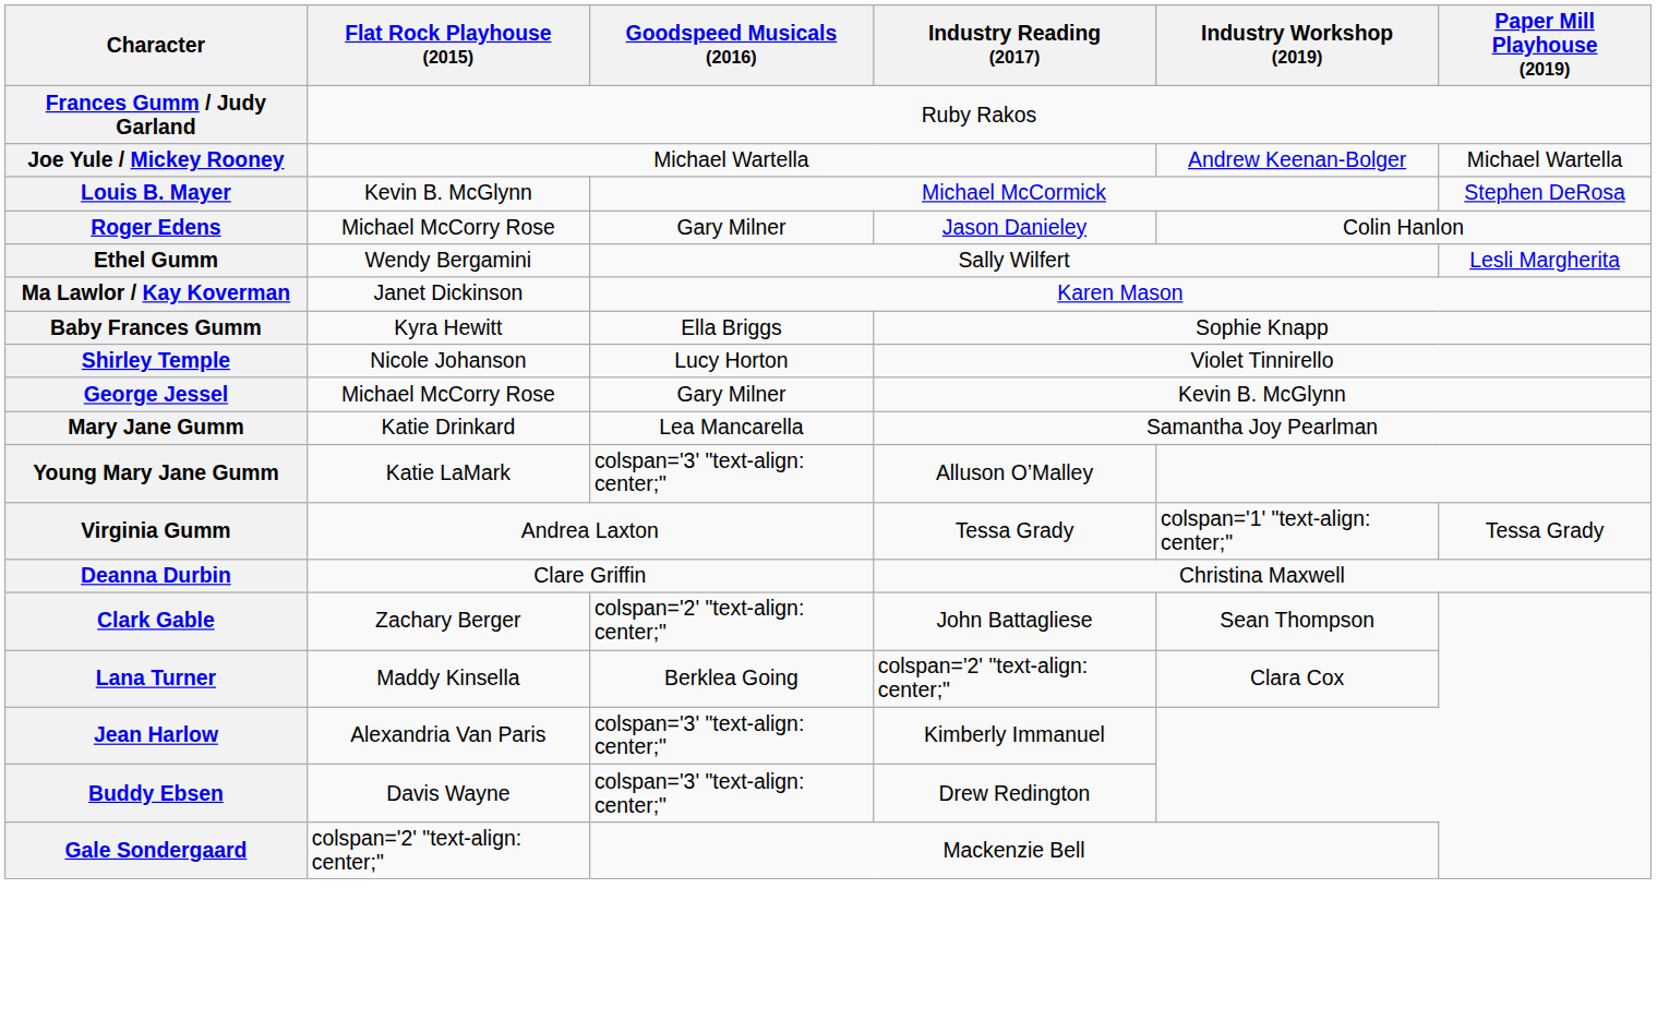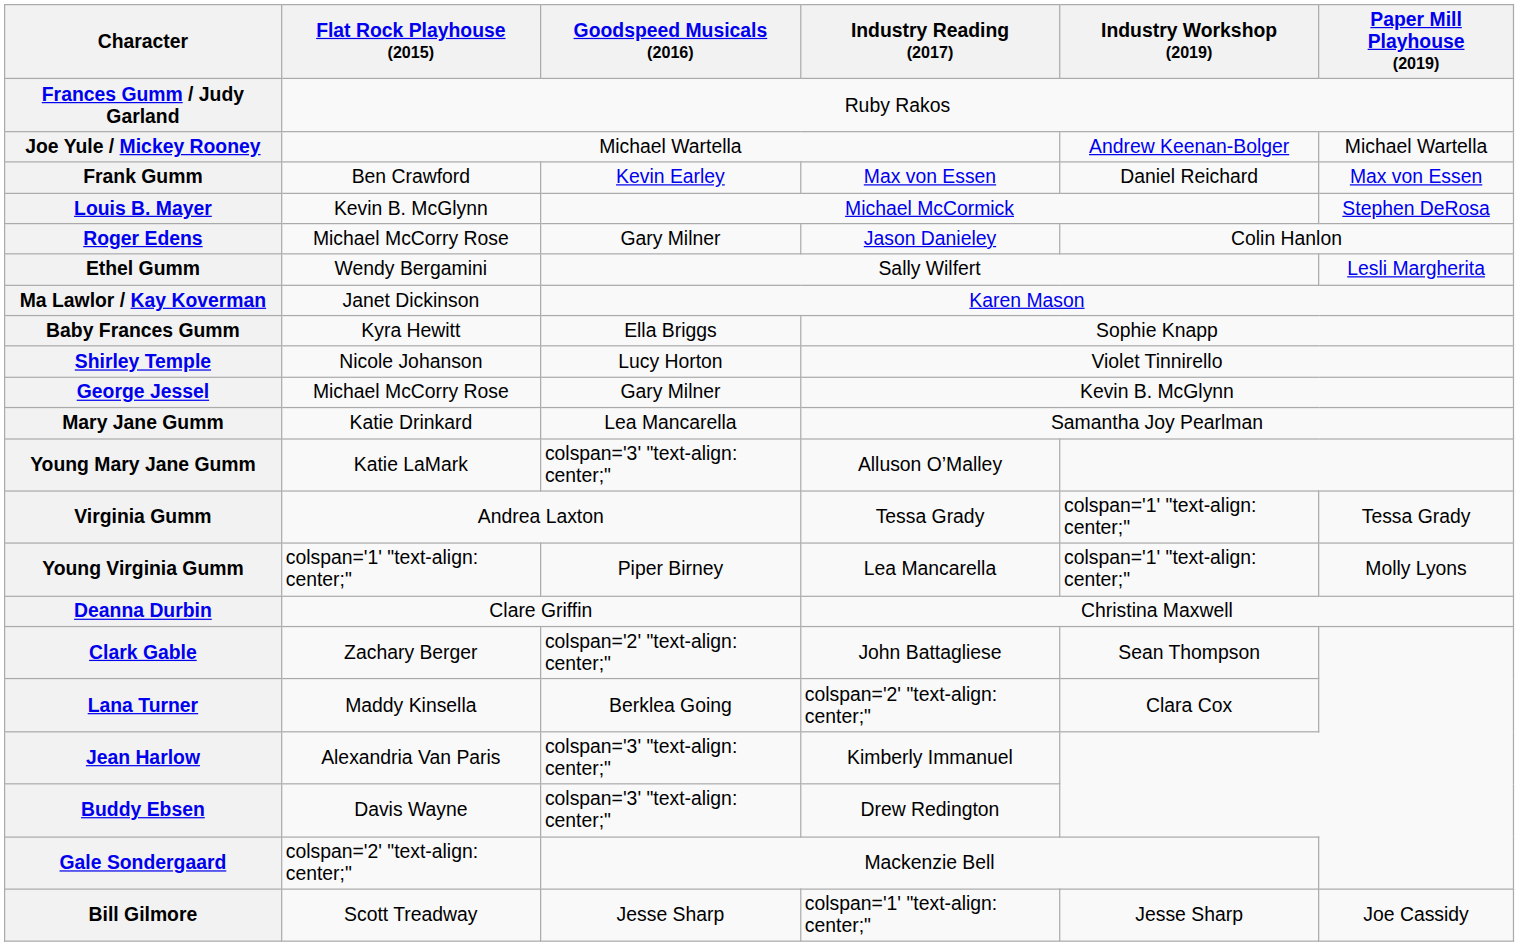 <table class="wikitable" style="width:1000;">
 <tr>
 <th>Character</th>
 <th><a href='#'>Flat Rock Playhouse</a><br><small>(2015)</small></th>
 <th><a href='#'>Goodspeed Musicals</a><br><small>(2016)</small></th>
 <th>Industry Reading<br><small>(2017)</small></th>
 <th>Industry Workshop<br><small>(2019)</small></th>
 <th><a href='#'>Paper Mill Playhouse</a><br><small>(2019)</small></th>
 </tr>
 <tr>
 <th><a href='#'>Frances Gumm</a> / Judy Garland</th>
 <td colspan=5 align=center>Ruby Rakos</td>
 </tr>
 <tr>
 <th>Joe Yule / <a href='#'>Mickey Rooney</a></th>
 <td colspan=3 align=center>Michael Wartella</td>
 <td colspan=1 align=center><a href='#'>Andrew Keenan-Bolger</a></td>
 <td colspan=1 align=center>Michael Wartella</td>
+</tr>
+<tr>
+<th>Frank Gumm</th>
+<td colspan=1 align=center>Ben Crawford</td>
+<td colspan=1 align=center><a href='#'>Kevin Earley</a></td>
+<td colspan=1 align=center><a href='#'>Max von Essen</a></td>
+<td colspan=1 align=center>Daniel Reichard</td>
+<td colspan=1 align=center><a href='#'>Max von Essen</a></td>
 </tr>
 <tr>
 <th><a href='#'>Louis B. Mayer</a></th>
 <td colspan=1 align=center>Kevin B. McGlynn</td>
 <td colspan=3 align=center><a href='#'>Michael McCormick</a></td>
 <td colspan=1 align=center><a href='#'>Stephen DeRosa</a></td>
 </tr>
 <tr>
 <th><a href='#'>Roger Edens</a></th>
 <td colspan=1 align=center>Michael McCorry Rose</td>
 <td colspan=1 align=center>Gary Milner</td>
 <td colspan=1 align=center><a href='#'>Jason Danieley</a></td>
 <td colspan=2 align=center>Colin Hanlon</td>
 </tr>
 <tr>
 <th>Ethel Gumm</th>
 <td colspan=1 align=center>Wendy Bergamini</td>
 <td colspan=3 align=center>Sally Wilfert</td>
 <td colspan=1 align=center><a href='#'>Lesli Margherita</a></td>
 </tr>
 <tr>
 <th>Ma Lawlor / <a href='#'>Kay Koverman</a></th>
 <td colspan=1 align=center>Janet Dickinson</td>
 <td colspan=4 align=center><a href='#'>Karen Mason</a></td>
 </tr>
 <tr>
 <th>Baby Frances Gumm</th>
 <td colspan=1 align=center>Kyra Hewitt</td>
 <td colspan=1 align=center>Ella Briggs</td>
 <td colspan=3 align=center>Sophie Knapp</td>
 </tr>
 <tr>
 <th><a href='#'>Shirley Temple</a></th>
 <td colspan=1 align=center>Nicole Johanson</td>
 <td colspan=1 align=center>Lucy Horton</td>
 <td colspan=3 align=center>Violet Tinnirello</td>
 </tr>
 <tr>
 <th><a href='#'>George Jessel</a></th>
 <td colspan=1 align=center>Michael McCorry Rose</td>
 <td colspan=1 align=center>Gary Milner</td>
 <td colspan=3 align=center>Kevin B. McGlynn</td>
 </tr>
 <tr>
 <th>Mary Jane Gumm</th>
 <td colspan=1 align=center>Katie Drinkard</td>
 <td colspan=1 align=center>Lea Mancarella</td>
 <td colspan=3 align=center>Samantha Joy Pearlman</td>
 </tr>
 <tr>
 <th>Young Mary Jane Gumm</th>
 <td colspan=1 align=center>Katie LaMark</td>
 <td>colspan='3' "text-align: center;" </td>
 <td colspan=1 align=center>Alluson O’Malley</td>
 </tr>
 <tr>
 <th>Virginia Gumm</th>
 <td colspan=2 align=center>Andrea Laxton</td>
 <td colspan=1 align=center>Tessa Grady</td>
 <td>colspan='1' "text-align: center;" </td>
 <td colspan=1 align=center>Tessa Grady</td>
 </tr>
 <tr>
+<th>Young Virginia Gumm</th>
+<td>colspan='1' "text-align: center;" </td>
+<td colspan=1 align=center>Piper Birney</td>
+<td colspan=1 align=center>Lea Mancarella</td>
+<td>colspan='1' "text-align: center;" </td>
+<td colspan=1 align=center>Molly Lyons</td>
+</tr>
+<tr>
 <th><a href='#'>Deanna Durbin</a></th>
 <td colspan=2 align=center>Clare Griffin</td>
 <td colspan=3 align=center>Christina Maxwell</td>
 </tr>
 <tr>
 <th><a href='#'>Clark Gable</a></th>
 <td colspan=1 align=center>Zachary Berger</td>
 <td>colspan='2' "text-align: center;" </td>
 <td colspan=1 align=center>John Battagliese</td>
 <td colspan=1 align=center>Sean Thompson</td>
 </tr>
 <tr>
 <th><a href='#'>Lana Turner</a></th>
 <td colspan=1 align=center>Maddy Kinsella</td>
 <td colspan=1 align=center>Berklea Going</td>
 <td>colspan='2' "text-align: center;" </td>
 <td colspan=1 align=center>Clara Cox</td>
 </tr>
 <tr>
 <th><a href='#'>Jean Harlow</a></th>
 <td colspan=1 align=center>Alexandria Van Paris</td>
 <td>colspan='3' "text-align: center;" </td>
 <td colspan=1 align=center>Kimberly Immanuel</td>
 </tr>
 <tr>
 <th><a href='#'>Buddy Ebsen</a></th>
 <td colspan=1 align=center>Davis Wayne</td>
 <td>colspan='3' "text-align: center;" </td>
 <td colspan=1 align=center>Drew Redington</td>
 </tr>
 <tr>
 <th><a href='#'>Gale Sondergaard</a></th>
 <td>colspan='2' "text-align: center;" </td>
 <td colspan=3 align=center>Mackenzie Bell</td>
 </tr>
+<tr>
+<th>Bill Gilmore</th>
+<td colspan=1 align=center>Scott Treadway</td>
+<td colspan=1 align=center>Jesse Sharp</td>
+<td>colspan='1' "text-align: center;" </td>
+<td colspan=1 align=center>Jesse Sharp</td>
+<td colspan=1 align=center>Joe Cassidy</td>
+</tr>
 </table>
